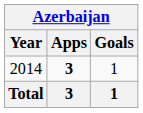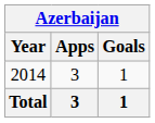 <table class="wikitable" style="text-align:center">
 <tr>
 <th colspan=3><a href='#'>Azerbaijan</a></th>
 </tr>
 <tr>
 <th>Year</th>
 <th>Apps</th>
 <th>Goals</th>
 </tr>
 <tr>
 <td>2014</td>
-<td><strong>3</strong></td>
+<td>3</td>
 <td>1</td>
 </tr>
 <tr>
 <th>Total</th>
 <th>3</th>
 <th>1</th>
 </tr>
 </table>
